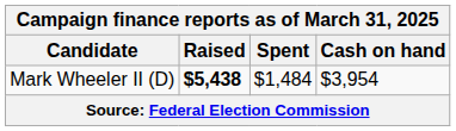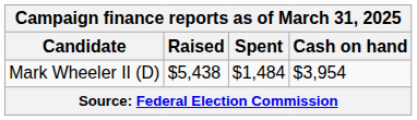 <table class="wikitable sortable">
 <tr>
 <th colspan=4>Campaign finance reports as of March 31, 2025</th>
 </tr>
 <tr style="text-align:center;">
 <th>Candidate</th>
 <th>Raised</th>
 <th>Spent</th>
 <th>Cash on hand</th>
 </tr>
 <tr>
 <td>Mark Wheeler II (D)</td>
-<td><strong>$5,438</strong></td>
+<td>$5,438</td>
 <td>$1,484</td>
 <td>$3,954</td>
 </tr>
 <tr>
 <th colspan="4"><small>Source: <a href='#'>Federal Election Commission</a></small></th>
 </tr>
 </table>
